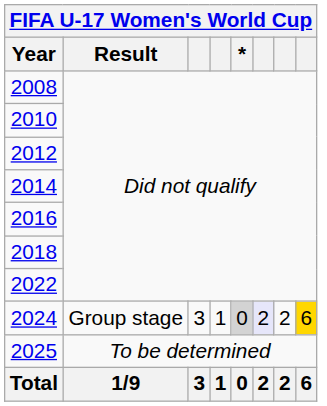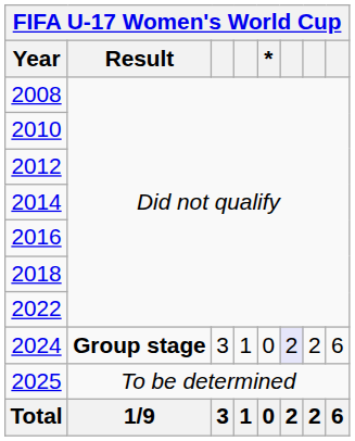 <table class="wikitable" style="text-align: center;">
 <tr>
 <th colspan=9><a href='#'>FIFA U-17 Women's World Cup</a></th>
 </tr>
 <tr>
 <th>Year</th>
 <th>Result</th>
 <th></th>
 <th></th>
 <th> *</th>
 <th></th>
 <th></th>
 <th></th>
 </tr>
 <tr>
 <td> <a href='#'>2008</a></td>
 <td rowspan=7 colspan=8><em>Did not qualify</em></td>
 </tr>
 <tr>
 <td> <a href='#'>2010</a></td>
 </tr>
 <tr>
 <td> <a href='#'>2012</a></td>
 </tr>
 <tr>
 <td> <a href='#'>2014</a></td>
 </tr>
 <tr>
 <td> <a href='#'>2016</a></td>
 </tr>
 <tr>
 <td> <a href='#'>2018</a></td>
 </tr>
 <tr>
 <td> <a href='#'>2022</a></td>
 </tr>
 <tr>
 <td> <a href='#'>2024</a></td>
-<td>Group stage</td>
+<td><strong>Group stage</strong></td>
 <td>3</td>
 <td>1</td>
-<td style="background: lightgrey;">0</td>
+<td>0</td>
 <td style="background: lavender;">2</td>
 <td>2</td>
-<td style="background: gold;">6</td>
+<td>6</td>
 </tr>
 <tr>
 <td> <a href='#'>2025</a></td>
 <td colspan="8"><em>To be determined</em></td>
 </tr>
 <tr>
 <th>Total</th>
 <th>1/9</th>
 <th>3</th>
 <th>1</th>
 <th>0</th>
 <th>2</th>
 <th>2</th>
 <th>6</th>
 </tr>
 </table>
